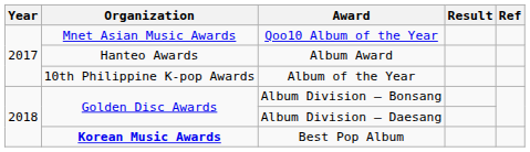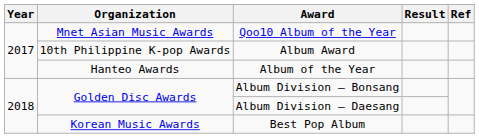 <table class="sortable wikitable">
 <tr>
 <th>Year</th>
 <th>Organization</th>
 <th>Award</th>
 <th>Result</th>
 <th>Ref</th>
 </tr>
 <tr>
 <td align="center" rowspan="3">2017</td>
 <td align="center"><a href='#'>Mnet Asian Music Awards</a></td>
 <td align="center"><a href='#'>Qoo10 Album of the Year</a></td>
 <td></td>
 <td align="center"></td>
 </tr>
 <tr>
-<td align="center">Hanteo Awards</td>
+<td align="center">10th Philippine K-pop Awards</td>
 <td align="center">Album Award</td>
 <td></td>
 <td align="center"></td>
 </tr>
 <tr>
-<td align="center">10th Philippine K-pop Awards</td>
+<td align="center">Hanteo Awards</td>
 <td align="center">Album of the Year</td>
 <td></td>
 <td align="center"></td>
 </tr>
 <tr>
 <td align="center" rowspan="3">2018</td>
 <td align="center" rowspan="2"><a href='#'>Golden Disc Awards</a></td>
 <td align="center">Album Division – Bonsang</td>
 <td></td>
 <td align="center" rowspan="2"></td>
 </tr>
 <tr>
 <td align="center">Album Division – Daesang</td>
 <td></td>
 </tr>
 <tr>
-<td align="center" rowspan="1"><strong><a href='#'>Korean Music Awards</a></strong></td>
+<td align="center" rowspan="1"><a href='#'>Korean Music Awards</a></td>
 <td align="center">Best Pop Album</td>
 <td></td>
 <td align="center"></td>
 </tr>
 </table>
